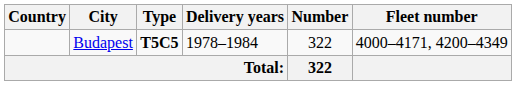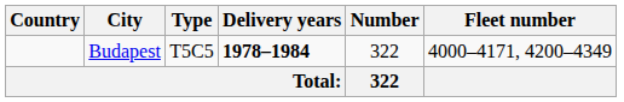 <table class="wikitable">
 <tr>
 <th>Country</th>
 <th>City</th>
 <th>Type</th>
 <th>Delivery years</th>
 <th>Number</th>
 <th>Fleet number</th>
 </tr>
 <tr>
 <td></td>
 <td><a href='#'>Budapest</a></td>
-<td><strong>T5C5</strong></td>
-<td>1978–1984</td>
+<td>T5C5</td>
+<td><strong>1978–1984</strong></td>
 <td align=center>322</td>
 <td>4000–4171, 4200–4349</td>
 </tr>
 <tr>
 <th colspan=4 style="text-align:right">Total:</th>
 <th>322</th>
 <th></th>
 </tr>
 </table>
